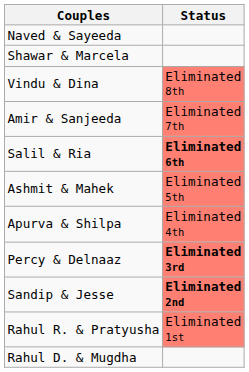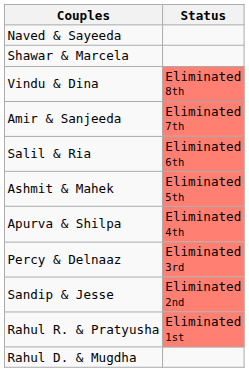 <table class="wikitable sortable mw-collapsible">
 <tr>
 <th>Couples</th>
 <th rowspan="1">Status</th>
 </tr>
 <tr>
 <td>Naved & Sayeeda</td>
 <td></td>
 </tr>
 <tr>
 <td>Shawar & Marcela</td>
 <td></td>
 </tr>
 <tr>
 <td>Vindu & Dina</td>
 <td style="background:#FF8072">Eliminated<br><small>8th</small></td>
 </tr>
 <tr>
 <td>Amir & Sanjeeda</td>
 <td style="background:#FF8072">Eliminated<br><small>7th</small></td>
 </tr>
 <tr>
 <td>Salil & Ria</td>
-<td style="background:#FF8072"><strong>Eliminated<br><small>6th</small></strong></td>
+<td style="background:#FF8072">Eliminated<br><small>6th</small></td>
 </tr>
 <tr>
 <td>Ashmit & Mahek</td>
 <td style="background:#FF8072">Eliminated<br><small>5th</small></td>
 </tr>
 <tr>
 <td>Apurva & Shilpa</td>
 <td style="background:#FF8072">Eliminated<br><small>4th</small></td>
 </tr>
 <tr>
 <td>Percy & Delnaaz</td>
-<td style="background:#FF8072"><strong>Eliminated<br><small>3rd</small></strong></td>
+<td style="background:#FF8072">Eliminated<br><small>3rd</small></td>
 </tr>
 <tr>
 <td>Sandip & Jesse</td>
-<td style="background:#FF8072"><strong>Eliminated<br><small>2nd</small></strong></td>
+<td style="background:#FF8072">Eliminated<br><small>2nd</small></td>
 </tr>
 <tr>
 <td>Rahul R. & Pratyusha</td>
 <td style="background:#FF8072">Eliminated<br><small>1st</small></td>
 </tr>
 <tr>
 <td>Rahul D. & Mugdha</td>
 <td></td>
 </tr>
 </table>
